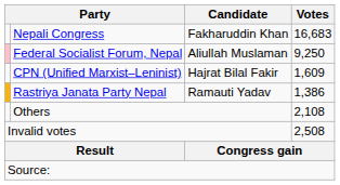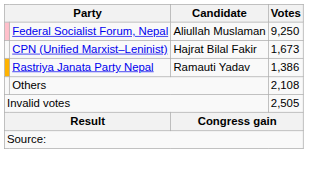 <table class="wikitable">
 <tr>
 <th colspan="2">Party</th>
 <th>Candidate</th>
 <th>Votes</th>
-</tr>
-<tr>
-<td style="background-color:"></td>
-<td><a href='#'>Nepali Congress</a></td>
-<td>Fakharuddin Khan</td>
-<td>16,683</td>
 </tr>
 <tr>
 <td style="background-color:pink"></td>
 <td><a href='#'>Federal Socialist Forum, Nepal</a></td>
 <td>Aliullah Muslaman</td>
 <td>9,250</td>
 </tr>
 <tr>
 <td style="background-color:"></td>
 <td><a href='#'>CPN (Unified Marxist–Leninist)</a></td>
 <td>Hajrat Bilal Fakir</td>
-<td>1,609</td>
+<td>1,673</td>
 </tr>
 <tr>
 <td style="background-color:#ffb300"></td>
 <td><a href='#'>Rastriya Janata Party Nepal</a></td>
 <td>Ramauti Yadav</td>
 <td>1,386</td>
 </tr>
 <tr>
 <td></td>
 <td colspan="2">Others</td>
 <td>2,108</td>
 </tr>
 <tr>
 <td colspan="3">Invalid votes</td>
-<td>2,508</td>
+<td>2,505</td>
 </tr>
 <tr>
 <th colspan="2">Result</th>
 <th colspan="2">Congress gain</th>
 </tr>
 <tr>
 <td colspan="4">Source: </td>
 </tr>
 </table>
